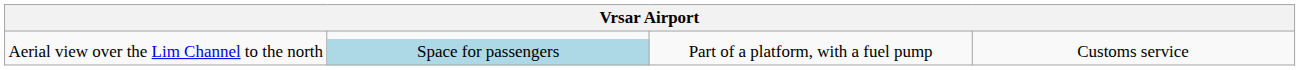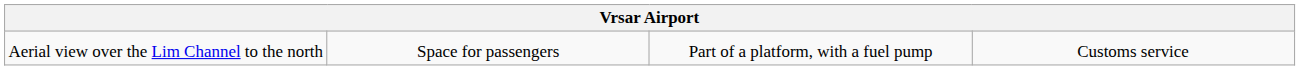 <table class="wikitable">
 <tr>
 <th colspan=4>Vrsar Airport</th>
 </tr>
 <tr>
 <td align=center width=25% style="border-bottom: none;"></td>
 <td align=center width=25% style="border-bottom: none;"></td>
 <td align=center width=25% style="border-bottom: none;"></td>
 <td align=center width=25% style="border-bottom: none;"></td>
 </tr>
 <tr>
 <td align=center style="border-top: none;">Aerial view over the <a href='#'>Lim Channel</a> to the north</td>
-<td align=center style="background: lightblue; border-top: none;">Space for passengers</td>
+<td align=center style="border-top: none;">Space for passengers</td>
 <td align=center style="border-top: none;">Part of a platform, with a fuel pump</td>
 <td align=center style="border-top: none;">Customs service</td>
 </tr>
 </table>
